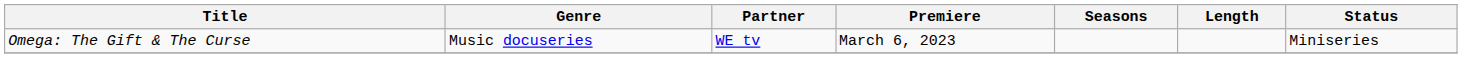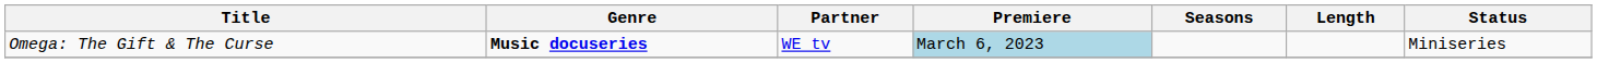 <table class="wikitable sortable" style="width:100%;">
 <tr>
 <th>Title</th>
 <th>Genre</th>
 <th>Partner</th>
 <th>Premiere</th>
 <th>Seasons</th>
 <th>Length</th>
 <th>Status</th>
 </tr>
 <tr>
 <td><em>Omega: The Gift & The Curse</em></td>
-<td>Music <a href='#'>docuseries</a></td>
+<td><strong>Music <a href='#'>docuseries</a></strong></td>
 <td><a href='#'>WE tv</a></td>
-<td>March 6, 2023</td>
+<td style="background: lightblue;">March 6, 2023</td>
 <td></td>
 <td></td>
 <td>Miniseries</td>
 </tr>
 <tr>
 </tr>
 </table>
